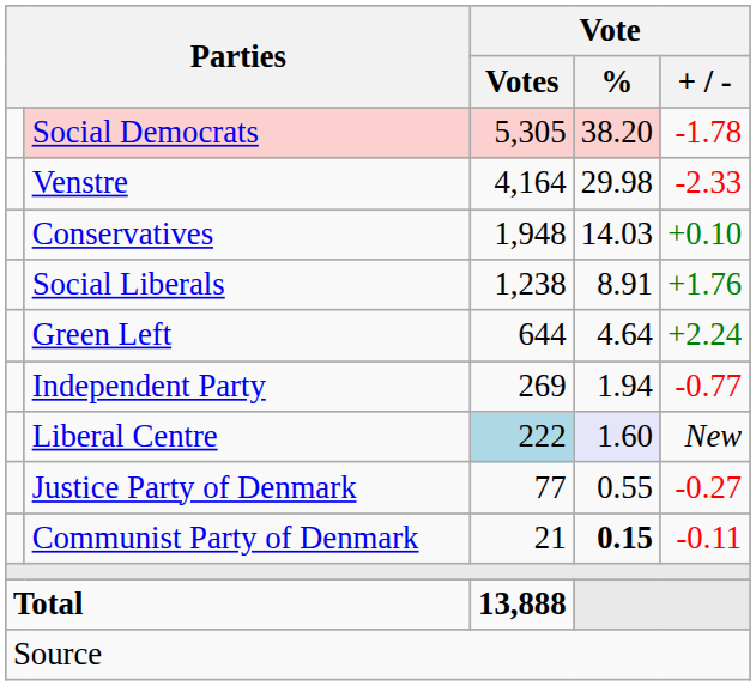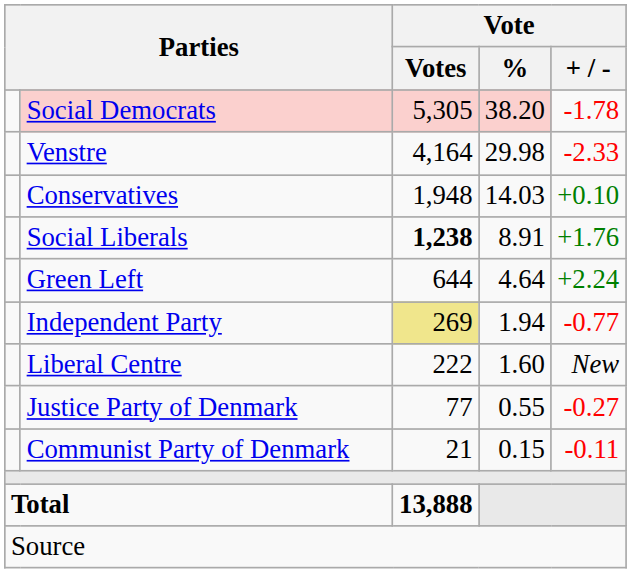 <table class="wikitable" style="text-align:right;">
 <tr>
 <th style="text-align:centre;" rowspan="2" colspan="2" width="225">Parties</th>
 <th colspan="3">Vote</th>
 </tr>
 <tr>
 <th width="15">Votes</th>
 <th width="15">%</th>
 <th width="15">+ / -</th>
 </tr>
 <tr>
 <td width="2" style="color:inherit;background:"></td>
 <td bgcolor=#fbd0ce  align="left"><a href='#'>Social Democrats</a></td>
 <td bgcolor=#fbd0ce>5,305</td>
 <td bgcolor=#fbd0ce>38.20</td>
 <td style=color:red;>-1.78</td>
 </tr>
 <tr>
 <td width="2" style="color:inherit;background:"></td>
 <td align="left"><a href='#'>Venstre</a></td>
 <td>4,164</td>
 <td>29.98</td>
 <td style=color:red;>-2.33</td>
 </tr>
 <tr>
 <td width="2" style="color:inherit;background:"></td>
 <td align="left"><a href='#'>Conservatives</a></td>
 <td>1,948</td>
 <td>14.03</td>
 <td style=color:green;>+0.10</td>
 </tr>
 <tr>
 <td width="2" style="color:inherit;background:"></td>
 <td align="left"><a href='#'>Social Liberals</a></td>
-<td>1,238</td>
+<td><strong>1,238</strong></td>
 <td>8.91</td>
 <td style=color:green;>+1.76</td>
 </tr>
 <tr>
 <td width="2" style="color:inherit;background:"></td>
 <td align="left"><a href='#'>Green Left</a></td>
 <td>644</td>
 <td>4.64</td>
 <td style=color:green;>+2.24</td>
 </tr>
 <tr>
 <td width="2" style="color:inherit;background:"></td>
 <td align="left"><a href='#'>Independent Party</a></td>
-<td>269</td>
+<td style="background: khaki;">269</td>
 <td>1.94</td>
 <td style=color:red;>-0.77</td>
 </tr>
 <tr>
 <td width="2" style="color:inherit;background:"></td>
 <td align="left"><a href='#'>Liberal Centre</a></td>
-<td style="background: lightblue;">222</td>
-<td style="background: lavender;">1.60</td>
+<td>222</td>
+<td>1.60</td>
 <td><em>New</em></td>
 </tr>
 <tr>
 <td width="2" style="color:inherit;background:"></td>
 <td align="left"><a href='#'>Justice Party of Denmark</a></td>
 <td>77</td>
 <td>0.55</td>
 <td style=color:red;>-0.27</td>
 </tr>
 <tr>
 <td width="2" style="color:inherit;background:"></td>
 <td align="left"><a href='#'>Communist Party of Denmark</a></td>
 <td>21</td>
-<td><strong>0.15</strong></td>
+<td>0.15</td>
 <td style=color:red;>-0.11</td>
 </tr>
 <tr>
 <td colspan="7" bgcolor="#E9E9E9"></td>
 </tr>
 <tr>
 <td align="left" colspan="2"><strong>Total</strong></td>
 <td><strong>13,888</strong></td>
 <td bgcolor="#E9E9E9" colspan="2"></td>
 </tr>
 <tr>
 <td align="left" colspan="6">Source</td>
 </tr>
 </table>
